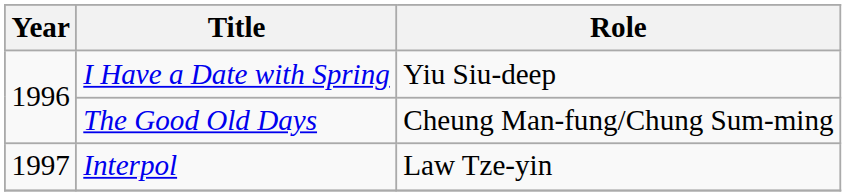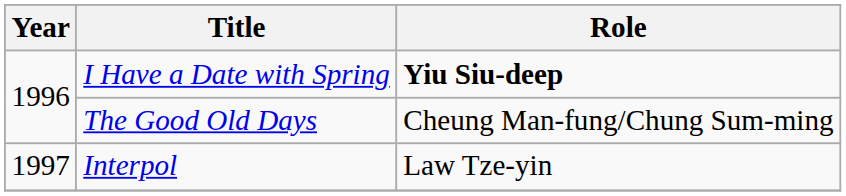 <table class="wikitable sortable">
 <tr>
 <th>Year</th>
 <th>Title</th>
 <th>Role</th>
 </tr>
 <tr>
 <td rowspan="2">1996</td>
 <td><em><a href='#'>I Have a Date with Spring</a></em></td>
-<td>Yiu Siu-deep</td>
+<td><strong>Yiu Siu-deep</strong></td>
 </tr>
 <tr>
 <td><em><a href='#'>The Good Old Days</a></em></td>
 <td>Cheung Man-fung/Chung Sum-ming</td>
 </tr>
 <tr>
 <td>1997</td>
 <td><em><a href='#'>Interpol</a></em></td>
 <td>Law Tze-yin</td>
 </tr>
 <tr>
 </tr>
 </table>
